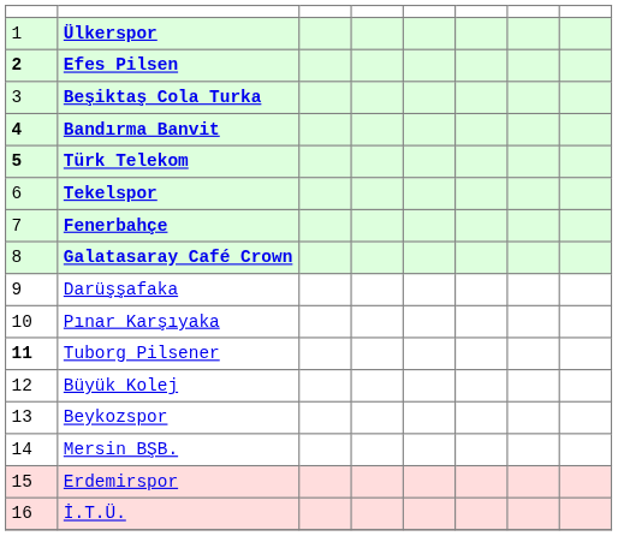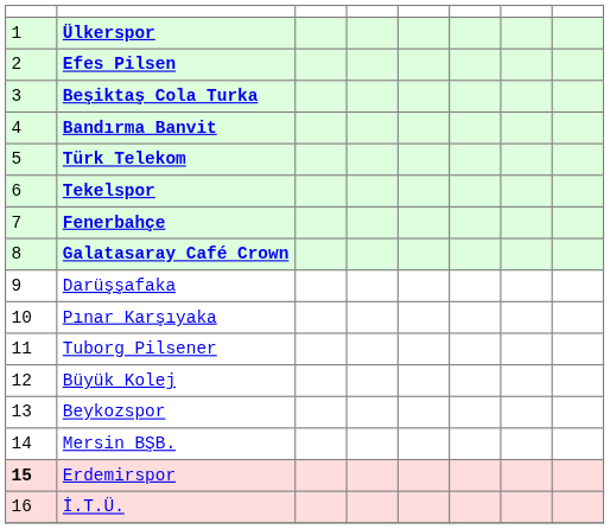 <table class="toccolours" border="1" cellpadding="4" cellspacing="0" style="border-collapse: collapse; margin:0;">
 <tr bgcolor=>
 <th width=30></th>
 <th></th>
 <th width=30></th>
 <th width=30></th>
 <th width=30></th>
 <th width=30></th>
 <th width=30></th>
 <th width=30></th>
 </tr>
 <tr bgcolor=#dfd>
 <td>1</td>
 <td><strong><a href='#'>Ülkerspor</a></strong></td>
 <td></td>
 <td></td>
 <td></td>
 <td></td>
 <td></td>
 <td></td>
 </tr>
 <tr bgcolor=#dfd>
-<td><strong>2</strong></td>
+<td>2</td>
 <td><strong><a href='#'>Efes Pilsen</a></strong></td>
 <td></td>
 <td></td>
 <td></td>
 <td></td>
 <td></td>
 <td></td>
 </tr>
 <tr bgcolor=#dfd>
 <td>3</td>
 <td><strong><a href='#'>Beşiktaş Cola Turka</a></strong></td>
 <td></td>
 <td></td>
 <td></td>
 <td></td>
 <td></td>
 <td></td>
 </tr>
 <tr bgcolor=#dfd>
-<td><strong>4</strong></td>
+<td>4</td>
 <td><strong><a href='#'>Bandırma Banvit</a></strong></td>
 <td></td>
 <td></td>
 <td></td>
 <td></td>
 <td></td>
 <td></td>
 </tr>
 <tr bgcolor=#dfd>
-<td><strong>5</strong></td>
+<td>5</td>
 <td><strong><a href='#'>Türk Telekom</a></strong></td>
 <td></td>
 <td></td>
 <td></td>
 <td></td>
 <td></td>
 <td></td>
 </tr>
 <tr bgcolor=#dfd>
 <td>6</td>
 <td><strong><a href='#'>Tekelspor</a></strong></td>
 <td></td>
 <td></td>
 <td></td>
 <td></td>
 <td></td>
 <td></td>
 </tr>
 <tr bgcolor=#dfd>
 <td>7</td>
 <td><strong><a href='#'>Fenerbahçe</a></strong></td>
 <td></td>
 <td></td>
 <td></td>
 <td></td>
 <td></td>
 <td></td>
 </tr>
 <tr bgcolor=#dfd>
 <td>8</td>
 <td><strong><a href='#'>Galatasaray Café Crown</a></strong></td>
 <td></td>
 <td></td>
 <td></td>
 <td></td>
 <td></td>
 <td></td>
 </tr>
 <tr bgcolor=>
 <td>9</td>
 <td><a href='#'>Darüşşafaka</a></td>
 <td></td>
 <td></td>
 <td></td>
 <td></td>
 <td></td>
 <td></td>
 </tr>
 <tr bgcolor=>
 <td>10</td>
 <td><a href='#'>Pınar Karşıyaka</a></td>
 <td></td>
 <td></td>
 <td></td>
 <td></td>
 <td></td>
 <td></td>
 </tr>
 <tr bgcolor=>
-<td><strong>11</strong></td>
+<td>11</td>
 <td><a href='#'>Tuborg Pilsener</a></td>
 <td></td>
 <td></td>
 <td></td>
 <td></td>
 <td></td>
 <td></td>
 </tr>
 <tr bgcolor=>
 <td>12</td>
 <td><a href='#'>Büyük Kolej</a></td>
 <td></td>
 <td></td>
 <td></td>
 <td></td>
 <td></td>
 <td></td>
 </tr>
 <tr bgcolor=>
 <td>13</td>
 <td><a href='#'>Beykozspor</a></td>
 <td></td>
 <td></td>
 <td></td>
 <td></td>
 <td></td>
 <td></td>
 </tr>
 <tr bgcolor=>
 <td>14</td>
 <td><a href='#'>Mersin BŞB.</a></td>
 <td></td>
 <td></td>
 <td></td>
 <td></td>
 <td></td>
 <td></td>
 </tr>
 <tr bgcolor=#fdd>
-<td>15</td>
+<td><strong>15</strong></td>
 <td><a href='#'>Erdemirspor</a></td>
 <td></td>
 <td></td>
 <td></td>
 <td></td>
 <td></td>
 <td></td>
 </tr>
 <tr bgcolor=#fdd>
 <td>16</td>
 <td><a href='#'>İ.T.Ü.</a></td>
 <td></td>
 <td></td>
 <td></td>
 <td></td>
 <td></td>
 <td></td>
 </tr>
 <tr>
 </tr>
 </table>
